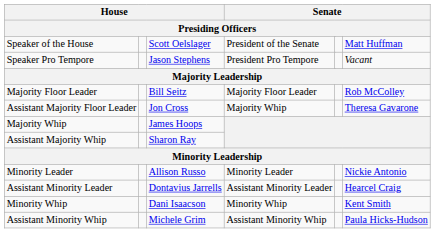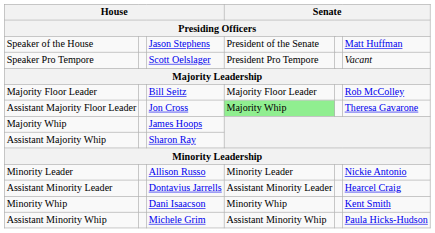 <table class="wikitable">
 <tr>
 <th colspan="3">House</th>
 <th colspan="4">Senate</th>
 </tr>
 <tr>
 <th colspan="7" style="text-align:center; font-weight:bold; ">Presiding Officers</th>
 </tr>
 <tr>
 <td>Speaker of the House</td>
 <td style="width:5px; background:"></td>
-<td><a href='#'>Scott Oelslager</a></td>
+<td><a href='#'>Jason Stephens</a></td>
 <td colspan="2">President of the Senate</td>
 <td style="width:5px; background:"></td>
 <td><a href='#'>Matt Huffman</a></td>
 </tr>
 <tr>
 <td>Speaker Pro Tempore</td>
 <td style="width:5px; background:"></td>
-<td><a href='#'>Jason Stephens</a></td>
+<td><a href='#'>Scott Oelslager</a></td>
 <td colspan="2">President Pro Tempore</td>
 <td style="width:5px; background:"></td>
 <td><em>Vacant</em></td>
 </tr>
 <tr>
 <th colspan="7" style="text-align:center; font-weight:bold; ">Majority Leadership</th>
 </tr>
 <tr>
 <td>Majority Floor Leader</td>
 <td style="width:5px; background:"></td>
 <td><a href='#'>Bill Seitz</a></td>
 <td>Majority Floor Leader</td>
 <td colspan="2" style="width:5px; background:"></td>
 <td><a href='#'>Rob McColley</a></td>
 </tr>
 <tr>
 <td>Assistant Majority Floor Leader</td>
 <td style="width:5px; background:"></td>
 <td><a href='#'>Jon Cross</a></td>
-<td>Majority Whip</td>
+<td style="background: lightgreen;">Majority Whip</td>
 <td colspan="2" style="width:5px; background:"></td>
 <td><a href='#'>Theresa Gavarone</a></td>
 </tr>
 <tr>
 <td>Majority Whip</td>
 <td style="width:5px; background:"></td>
 <td><a href='#'>James Hoops</a></td>
 <th colspan="4" rowspan="2"></th>
 </tr>
 <tr>
 <td>Assistant Majority Whip</td>
 <td style="width:5px; background:"></td>
 <td><a href='#'>Sharon Ray</a></td>
 </tr>
 <tr>
 <th colspan="7" style="text-align:center; font-weight:bold; ">Minority Leadership</th>
 </tr>
 <tr>
 <td>Minority Leader</td>
 <td style="width:5px; background:"></td>
 <td><a href='#'>Allison Russo</a></td>
 <td>Minority Leader</td>
 <td colspan="2" style="width:5px; background:"></td>
 <td><a href='#'>Nickie Antonio</a></td>
 </tr>
 <tr>
 <td>Assistant Minority Leader</td>
 <td style="width:5px; background:"></td>
 <td><a href='#'>Dontavius Jarrells</a></td>
 <td>Assistant Minority Leader</td>
 <td colspan="2" style="width:5px; background:"></td>
 <td><a href='#'>Hearcel Craig</a></td>
 </tr>
 <tr>
 <td>Minority Whip</td>
 <td style="width:5px; background:"></td>
 <td><a href='#'>Dani Isaacson</a></td>
 <td>Minority Whip</td>
 <td colspan="2" style="width:5px; background:"></td>
 <td><a href='#'>Kent Smith</a></td>
 </tr>
 <tr>
 <td>Assistant Minority Whip</td>
 <td style="width:5px; background:"></td>
 <td><a href='#'>Michele Grim</a></td>
 <td>Assistant Minority Whip</td>
 <td colspan="2" style="width:5px; background:"></td>
 <td><a href='#'>Paula Hicks-Hudson</a></td>
 </tr>
 </table>
